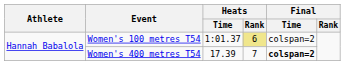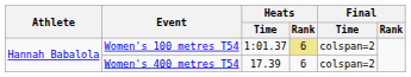 <table class=wikitable style="font-size:90%">
 <tr>
 <th rowspan="2">Athlete</th>
 <th rowspan="2">Event</th>
 <th colspan="2">Heats</th>
 <th colspan="2">Final</th>
 </tr>
 <tr style="font-size:95%">
 <th>Time</th>
 <th>Rank</th>
 <th>Time</th>
 <th>Rank</th>
 </tr>
 <tr align=center>
 <td align=left rowspan=2><a href='#'>Hannah Babalola</a></td>
 <td align=left><a href='#'>Women's 100 metres T54</a></td>
 <td>1:01.37</td>
 <td style="background: khaki;">6</td>
 <td>colspan=2 </td>
 </tr>
 <tr align=center>
 <td align=left><a href='#'>Women's 400 metres T54</a></td>
 <td>17.39</td>
-<td>7</td>
-<td><strong>colspan=2 </strong></td>
+<td>6</td>
+<td>colspan=2 </td>
 </tr>
 </table>
